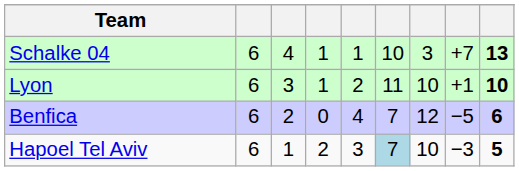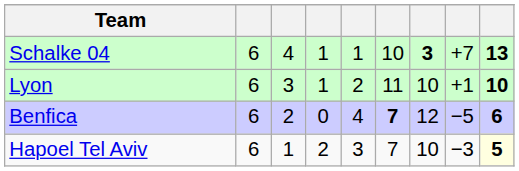 <table class="wikitable" style="text-align:center">
 <tr>
 </tr>
 <tr>
 <th width="175">Team</th>
 <th width="20"></th>
 <th width="20"></th>
 <th width="20"></th>
 <th width="20"></th>
 <th width="20"></th>
 <th width="20"></th>
 <th width="20"></th>
 <th width="20"></th>
 </tr>
 <tr bgcolor="#ccffcc">
 <td align="left"> <a href='#'>Schalke 04</a></td>
 <td>6</td>
 <td>4</td>
 <td>1</td>
 <td>1</td>
 <td>10</td>
-<td>3</td>
+<td><strong>3</strong></td>
 <td>+7</td>
 <td><strong>13</strong></td>
 </tr>
 <tr bgcolor="#ccffcc">
 <td align="left"> <a href='#'>Lyon</a></td>
 <td>6</td>
 <td>3</td>
 <td>1</td>
 <td>2</td>
 <td>11</td>
 <td>10</td>
 <td>+1</td>
 <td><strong>10</strong></td>
 </tr>
 <tr bgcolor="#ccccff">
 <td align="left"> <a href='#'>Benfica</a></td>
 <td>6</td>
 <td>2</td>
 <td>0</td>
 <td>4</td>
-<td>7</td>
+<td><strong>7</strong></td>
 <td>12</td>
 <td>−5</td>
 <td><strong>6</strong></td>
 </tr>
 <tr>
 <td align="left"> <a href='#'>Hapoel Tel Aviv</a></td>
 <td>6</td>
 <td>1</td>
 <td>2</td>
 <td>3</td>
-<td style="background: lightblue;">7</td>
+<td>7</td>
 <td>10</td>
 <td>−3</td>
-<td><strong>5</strong></td>
+<td style="background: lightyellow;"><strong>5</strong></td>
 </tr>
 </table>
